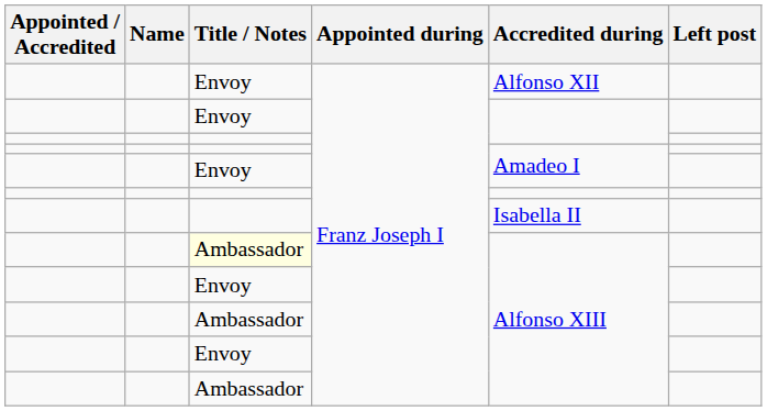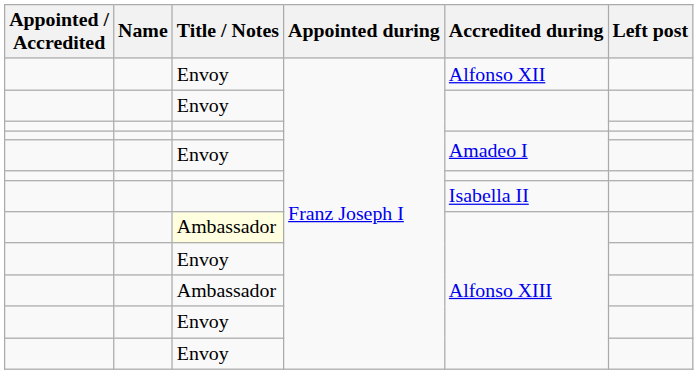 <table class="wikitable sortable">
 <tr>
 <th>Appointed /<br>Accredited</th>
 <th>Name</th>
 <th class="unsortable">Title / Notes</th>
 <th>Appointed during</th>
 <th>Accredited during</th>
 <th>Left post</th>
 </tr>
 <tr>
 <td></td>
 <td></td>
 <td>Envoy</td>
 <td rowspan="12"><a href='#'>Franz Joseph I</a></td>
 <td><a href='#'>Alfonso XII</a></td>
 <td></td>
 </tr>
 <tr>
 <td></td>
 <td></td>
 <td>Envoy</td>
 <td rowspan=2></td>
 <td></td>
 </tr>
 <tr>
 <td></td>
 <td></td>
 <td></td>
 <td></td>
 </tr>
 <tr>
 <td></td>
 <td></td>
 <td></td>
 <td rowspan="2"><a href='#'>Amadeo I</a></td>
 <td></td>
 </tr>
 <tr>
 <td></td>
 <td></td>
 <td>Envoy</td>
 <td></td>
 </tr>
 <tr>
 <td></td>
 <td></td>
 <td></td>
 <td></td>
 <td></td>
 </tr>
 <tr>
 <td></td>
 <td></td>
 <td></td>
 <td><a href='#'>Isabella II</a></td>
 <td></td>
 </tr>
 <tr>
 <td></td>
 <td></td>
 <td style="background: lightyellow;">Ambassador</td>
 <td rowspan="5"><a href='#'>Alfonso XIII</a></td>
 <td></td>
 </tr>
 <tr>
 <td></td>
 <td></td>
 <td>Envoy</td>
 <td></td>
 </tr>
 <tr>
 <td></td>
 <td></td>
 <td>Ambassador</td>
 <td></td>
 </tr>
 <tr>
 <td></td>
 <td></td>
 <td>Envoy</td>
 <td></td>
 </tr>
 <tr>
 <td></td>
 <td></td>
-<td>Ambassador</td>
+<td>Envoy</td>
 <td></td>
 </tr>
 </table>
